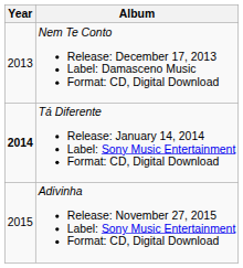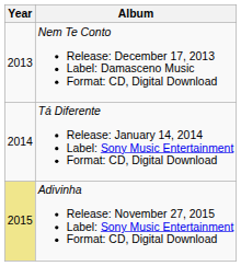 <table class="wikitable" style="text-align:center;">
 <tr>
 <th>Year</th>
 <th>Album</th>
 </tr>
 <tr>
 <td>2013</td>
 <td style="text-align:left;"><em>Nem Te Conto</em><br><ul><li>Release: December 17, 2013</li><li>Label: Damasceno Music</li><li>Format: CD, Digital Download</li></ul></td>
 </tr>
 <tr>
-<td><strong>2014</strong></td>
+<td>2014</td>
 <td style="text-align:left;"><em>Tá Diferente</em><br><ul><li>Release: January 14, 2014</li><li>Label: <a href='#'>Sony Music Entertainment</a></li><li>Format: CD, Digital Download</li></ul></td>
 </tr>
 <tr>
-<td>2015</td>
+<td style="background: khaki;">2015</td>
 <td style="text-align:left;"><em>Adivinha</em><br><ul><li>Release: November 27, 2015</li><li>Label: <a href='#'>Sony Music Entertainment</a></li><li>Format: CD, Digital Download</li></ul></td>
 </tr>
 </table>
